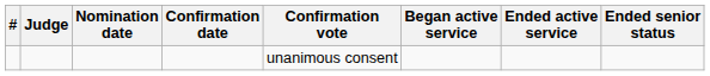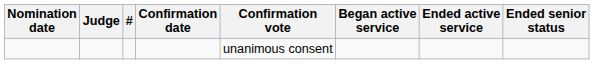 <table class="sortable wikitable">
 <tr bgcolor="#ececec">
+<th>Nomination<br>date</th>
+<th>Judge</th>
 <th>#</th>
-<th>Judge</th>
-<th>Nomination<br>date</th>
 <th>Confirmation<br>date</th>
 <th>Confirmation<br>vote</th>
 <th>Began active<br>service</th>
 <th>Ended active<br>service</th>
 <th>Ended senior<br>status</th>
 </tr>
 <tr>
 <td></td>
 <td></td>
 <td></td>
 <td></td>
 <td>unanimous consent</td>
 <td></td>
 <td></td>
 <td></td>
 </tr>
 </table>
